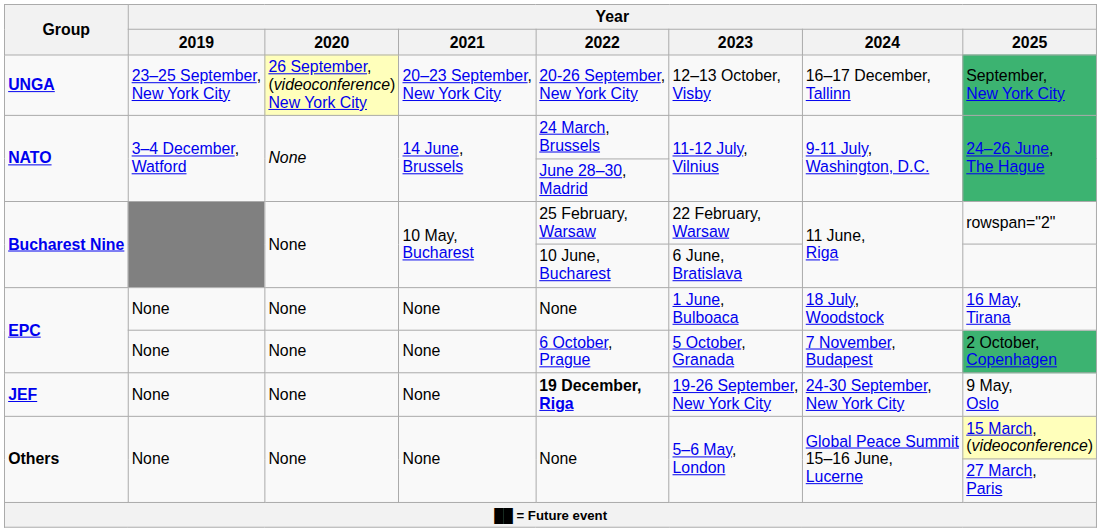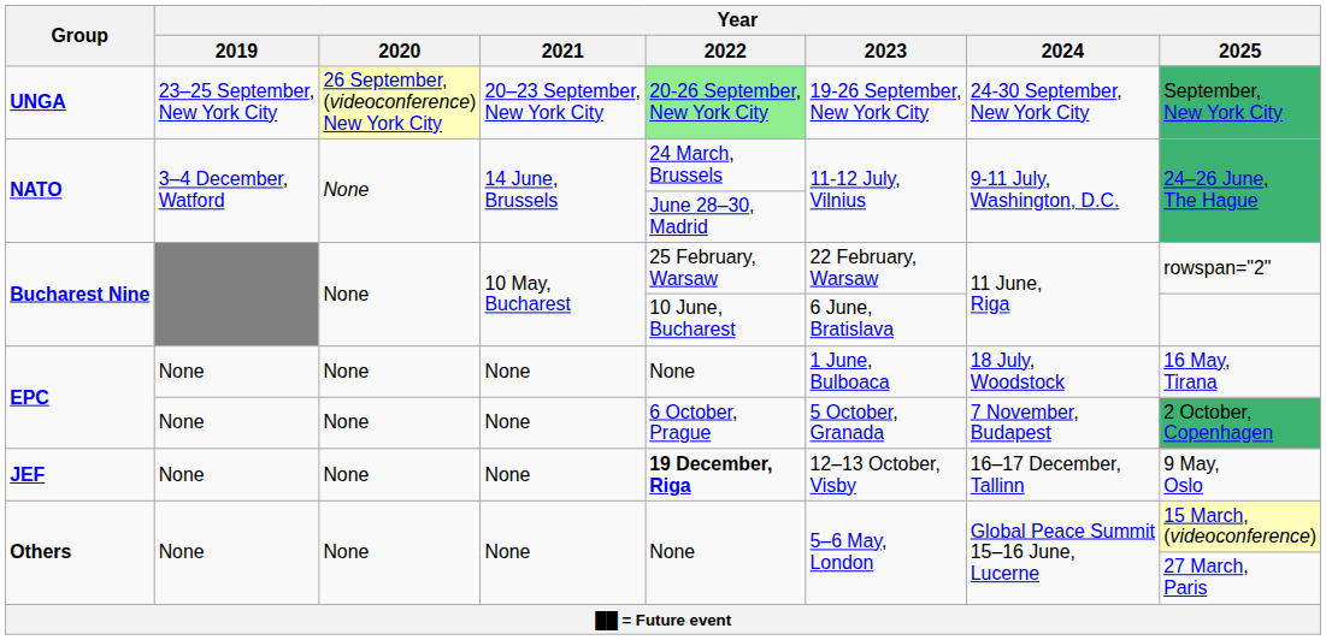 <table class="wikitable">
 <tr>
 <th rowspan="2">Group</th>
 <th colspan="10">Year</th>
 </tr>
 <tr>
 <th>2019</th>
 <th>2020</th>
 <th>2021</th>
 <th>2022</th>
 <th>2023</th>
 <th>2024</th>
 <th>2025</th>
 </tr>
 <tr>
 <td><strong><a href='#'>UNGA</a></strong></td>
 <td><a href='#'>23–25 September</a>,<br> <a href='#'>New York City</a></td>
 <td style="background:#ffb;"><a href='#'>26 September</a>,<br>(<em>videoconference</em>)<br> <a href='#'>New York City</a></td>
 <td><a href='#'>20–23 September</a>,<br> <a href='#'>New York City</a></td>
-<td><a href='#'>20-26 September</a>,<br> <a href='#'>New York City</a></td>
-<td>12–13 October, <br> <a href='#'>Visby</a></td>
-<td>16–17 December, <br> <a href='#'>Tallinn</a></td>
+<td style="background: lightgreen;"><a href='#'>20-26 September</a>,<br> <a href='#'>New York City</a></td>
+<td><a href='#'>19-26 September</a>,<br> <a href='#'>New York City</a></td>
+<td><a href='#'>24-30 September</a>,<br> <a href='#'>New York City</a></td>
 <td style="background:#3Cb371;">September,<br> <a href='#'>New York City</a></td>
 </tr>
 <tr>
 <td rowspan="2"><strong><a href='#'>NATO</a></strong></td>
 <td rowspan="2"><a href='#'>3–4 December</a>,<br>  <a href='#'>Watford</a></td>
 <td rowspan="2"><em>None</em></td>
 <td rowspan="2"><a href='#'>14 June</a>,<br> <a href='#'>Brussels</a></td>
 <td><a href='#'>24 March</a>,<br> <a href='#'>Brussels</a></td>
 <td rowspan="2"><a href='#'>11-12 July</a>,<br>  <a href='#'>Vilnius</a></td>
 <td rowspan="2"><a href='#'>9-11 July</a>,<br> <a href='#'>Washington, D.C.</a></td>
 <td rowspan="2" style="background:#3Cb371;"><a href='#'>24–26 June</a>,<br>  <a href='#'>The Hague</a></td>
 </tr>
 <tr>
 <td><a href='#'>June 28–30</a>,<br>  <a href='#'>Madrid</a></td>
 </tr>
 <tr>
 <td rowspan="2"><strong><a href='#'>Bucharest Nine</a></strong></td>
 <td rowspan="2" style="background:grey;"></td>
 <td rowspan="2">None</td>
 <td rowspan="2">10 May,<br> <a href='#'>Bucharest</a></td>
 <td>25 February,<br> <a href='#'>Warsaw</a></td>
 <td>22 February,<br> <a href='#'>Warsaw</a></td>
 <td rowspan="2">11 June,<br> <a href='#'>Riga</a></td>
 <td>rowspan="2" </td>
 </tr>
 <tr>
 <td>10 June,<br> <a href='#'>Bucharest</a></td>
 <td>6 June,<br> <a href='#'>Bratislava</a></td>
 </tr>
 <tr>
 <td rowspan="2"><strong><a href='#'>EPC</a></strong></td>
 <td>None</td>
 <td>None</td>
 <td>None</td>
 <td>None</td>
 <td><a href='#'>1 June</a>,<br> <a href='#'>Bulboaca</a></td>
 <td><a href='#'>18 July</a>,<br>  <a href='#'>Woodstock</a></td>
 <td><a href='#'>16 May</a>,<br> <a href='#'>Tirana</a></td>
 </tr>
 <tr>
 <td>None</td>
 <td>None</td>
 <td>None</td>
 <td><a href='#'>6 October</a>,<br>  <a href='#'>Prague</a></td>
 <td><a href='#'>5 October</a>,<br>  <a href='#'>Granada</a></td>
 <td><a href='#'>7 November</a>,<br>  <a href='#'>Budapest</a></td>
 <td style="background:#3Cb371;">2 October,<br> <a href='#'>Copenhagen</a></td>
 </tr>
 <tr>
 <td><strong><a href='#'>JEF</a></strong></td>
 <td>None</td>
 <td>None</td>
 <td>None</td>
 <td><strong>19 December, <br> <a href='#'>Riga</a></strong></td>
-<td><a href='#'>19-26 September</a>,<br> <a href='#'>New York City</a></td>
-<td><a href='#'>24-30 September</a>,<br> <a href='#'>New York City</a></td>
+<td>12–13 October, <br> <a href='#'>Visby</a></td>
+<td>16–17 December, <br> <a href='#'>Tallinn</a></td>
 <td>9 May,<br> <a href='#'>Oslo</a></td>
 </tr>
 <tr>
 <td rowspan="2"><strong>Others</strong></td>
 <td rowspan="2">None</td>
 <td rowspan="2">None</td>
 <td rowspan="2">None</td>
 <td rowspan="2">None</td>
 <td rowspan="2"><a href='#'>5–6 May</a>,<br> <a href='#'>London</a></td>
 <td rowspan="2"><a href='#'>Global Peace Summit</a><br>15–16 June,<br> <a href='#'>Lucerne</a></td>
 <td style="background:#ffb;"><a href='#'>15 March</a>,<br>(<em>videoconference</em>)<br></td>
 </tr>
 <tr>
 <td><a href='#'>27 March</a>,<br> <a href='#'>Paris</a></td>
 </tr>
 <tr>
 <th colspan="8"><small><span>██</span> = Future event</small></th>
 </tr>
 </table>
